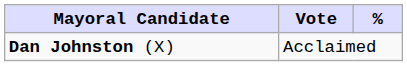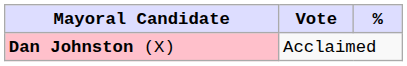 <table class="wikitable">
 <tr>
 <th style="background:#ddf; width:200px;">Mayoral Candidate</th>
 <th style="background:#ddf; width:50px;">Vote</th>
 <th style="background:#ddf; width:30px;">%</th>
 </tr>
 <tr>
-<td><strong>Dan Johnston</strong> (X)</td>
+<td style="background: pink;"><strong>Dan Johnston</strong> (X)</td>
 <td colspan="2">Acclaimed</td>
 </tr>
 </table>
